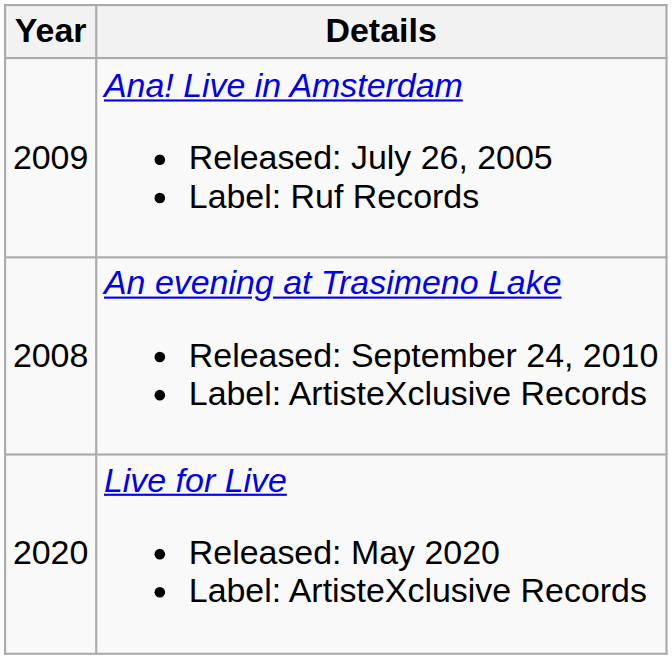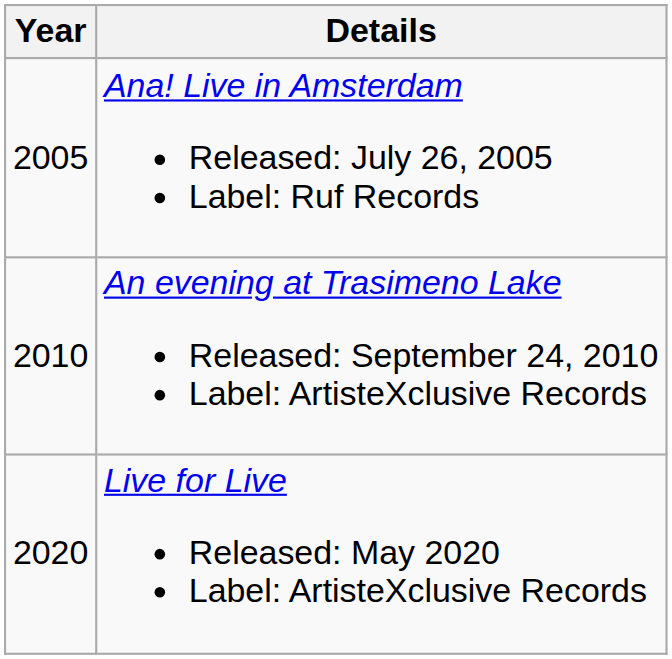 <table class=wikitable style=text-align:center;>
 <tr>
 <th>Year</th>
 <th>Details</th>
 </tr>
 <tr>
-<td>2009</td>
+<td>2005</td>
 <td align=left><em><a href='#'>Ana! Live in Amsterdam</a></em><br><ul><li>Released: July 26, 2005</li><li>Label: Ruf Records</li></ul></td>
 </tr>
 <tr>
-<td>2008</td>
+<td>2010</td>
 <td align=left><em><a href='#'>An evening at Trasimeno Lake</a></em><br><ul><li>Released: September 24, 2010</li><li>Label: ArtisteXclusive Records</li></ul></td>
 </tr>
 <tr>
 <td>2020</td>
 <td align=left><em><a href='#'>Live for Live</a></em><br><ul><li>Released: May 2020</li><li>Label: ArtisteXclusive Records</li></ul></td>
 </tr>
 </table>
